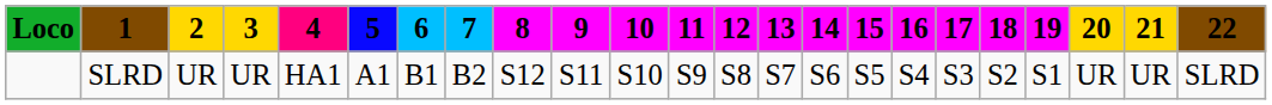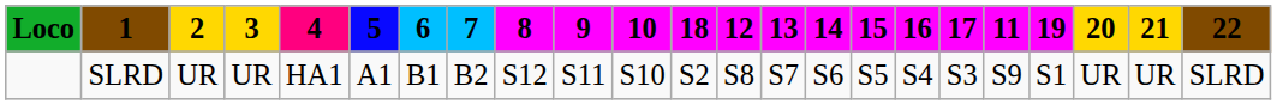 <table class="wikitable plainrowheaders unsortable" style="text-align:center">
 <tr>
 <th scope="col" rowspan="1" style="background:#12ad2b;"><span> Loco</span></th>
 <th scope="col" rowspan="1" style="background:#804a00;"><span> 1</span></th>
 <th scope="col" rowspan="1" style="background:#ffd801;"><span> 2</span></th>
 <th scope="col" rowspan="1" style="background:#ffd801;"><span> 3</span></th>
 <th scope="col" rowspan="1" style="background:#ff007f;"><span> 4</span></th>
 <th scope="col" rowspan="1" style="background:#0909ff;"><span> 5</span></th>
 <th scope="col" rowspan="1" style="background:#00bfff;"><span> 6</span></th>
 <th scope="col" rowspan="1" style="background:#00bfff;"><span> 7</span></th>
 <th scope="col" rowspan="1" style="background:#ff00ff;"><span> 8</span></th>
 <th scope="col" rowspan="1" style="background:#ff00ff;"><span> 9</span></th>
 <th scope="col" rowspan="1" style="background:#ff00ff;"><span> 10</span></th>
-<th scope="col" rowspan="1" style="background:#ff00ff;"><span> 11</span></th>
+<th scope="col" rowspan="1" style="background:#ff00ff;"><span> 18</span></th>
 <th scope="col" rowspan="1" style="background:#ff00ff;"><span> 12</span></th>
 <th scope="col" rowspan="1" style="background:#ff00ff;"><span> 13</span></th>
 <th scope="col" rowspan="1" style="background:#ff00ff;"><span> 14</span></th>
 <th scope="col" rowspan="1" style="background:#ff00ff;"><span> 15</span></th>
 <th scope="col" rowspan="1" style="background:#ff00ff;"><span> 16</span></th>
 <th scope="col" rowspan="1" style="background:#ff00ff;"><span> 17</span></th>
-<th scope="col" rowspan="1" style="background:#ff00ff;"><span> 18</span></th>
+<th scope="col" rowspan="1" style="background:#ff00ff;"><span> 11</span></th>
 <th scope="col" rowspan="1" style="background:#ff00ff;"><span> 19</span></th>
 <th scope="col" rowspan="1" style="background:#ffd801;"><span> 20</span></th>
 <th scope="col" rowspan="1" style="background:#ffd801;"><span> 21</span></th>
 <th scope="col" rowspan="1" style="background:#804a00;"><span> 22</span></th>
 </tr>
 <tr>
 <td></td>
 <td><span> SLRD</span></td>
 <td><span>UR</span></td>
 <td><span>UR</span></td>
 <td><span>HA1</span></td>
 <td><span>A1</span></td>
 <td><span>B1</span></td>
 <td><span>B2</span></td>
 <td><span>S12</span></td>
 <td><span>S11</span></td>
 <td><span>S10</span></td>
-<td><span>S9</span></td>
+<td><span>S2</span></td>
 <td><span>S8</span></td>
 <td><span>S7</span></td>
 <td><span>S6</span></td>
 <td><span>S5</span></td>
 <td><span>S4</span></td>
 <td><span>S3</span></td>
-<td><span>S2</span></td>
+<td><span>S9</span></td>
 <td><span>S1</span></td>
 <td><span>UR</span></td>
 <td><span>UR</span></td>
 <td><span>SLRD</span></td>
 </tr>
 </table>
